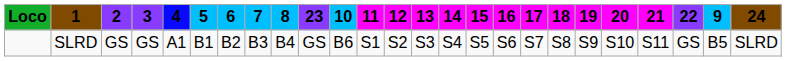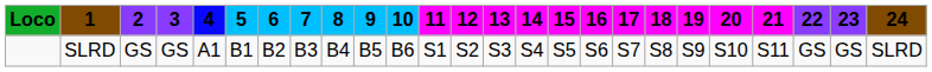 <table class="wikitable plainrowheaders unsortable" style="text-align:center">
 <tr>
 <th rowspan="1" scope="col" style="background:#12ad2b;"><span>Loco</span></th>
 <th rowspan="1" scope="col" style="background:#804a00;"><span>1</span></th>
 <th rowspan="1" scope="col" style="background:#893bff;">2</th>
 <th rowspan="1" scope="col" style="background:#893bff;">3</th>
 <th rowspan="1" scope="col" style="background:#0909ff;"><span>4</span></th>
 <th rowspan="1" scope="col" style="background:#00bfff;">5</th>
 <th rowspan="1" scope="col" style="background:#00bfff;">6</th>
 <th rowspan="1" scope="col" style="background:#00bfff;">7</th>
 <th rowspan="1" scope="col" style="background:#00bfff;">8</th>
-<th rowspan="1" scope="col" style="background:#893bff;">23</th>
+<th rowspan="1" scope="col" style="background:#00bfff;">9</th>
 <th rowspan="1" scope="col" style="background:#00bfff;">10</th>
 <th rowspan="1" scope="col" style="background:#ff00ff;">11</th>
 <th rowspan="1" scope="col" style="background:#ff00ff;">12</th>
 <th rowspan="1" scope="col" style="background:#ff00ff;">13</th>
 <th rowspan="1" scope="col" style="background:#ff00ff;">14</th>
 <th rowspan="1" scope="col" style="background:#ff00ff;">15</th>
 <th rowspan="1" scope="col" style="background:#ff00ff">16</th>
 <th rowspan="1" scope="col" style="background:#ff00ff">17</th>
 <th rowspan="1" scope="col" style="background:#ff00ff">18</th>
 <th rowspan="1" scope="col" style="background:#ff00ff">19</th>
 <th rowspan="1" scope="col" style="background:#ff00ff;">20</th>
 <th rowspan="1" scope="col" style="background:#ff00ff;">21</th>
 <th rowspan="1" scope="col" style="background:#893bff;">22</th>
-<th rowspan="1" scope="col" style="background:#00bfff;">9</th>
+<th rowspan="1" scope="col" style="background:#893bff;">23</th>
 <th rowspan="1" scope="col" style="background:#804a00;"><span>24</span></th>
 </tr>
 <tr>
 <td></td>
 <td>SLRD</td>
 <td>GS</td>
 <td>GS</td>
 <td>A1</td>
 <td>B1</td>
 <td>B2</td>
 <td>B3</td>
 <td>B4</td>
-<td>GS</td>
+<td>B5</td>
 <td>B6</td>
 <td>S1</td>
 <td>S2</td>
 <td>S3</td>
 <td>S4</td>
 <td>S5</td>
 <td>S6</td>
 <td>S7</td>
 <td>S8</td>
 <td>S9</td>
 <td>S10</td>
 <td>S11</td>
 <td>GS</td>
-<td>B5</td>
+<td>GS</td>
 <td>SLRD</td>
 </tr>
 </table>
